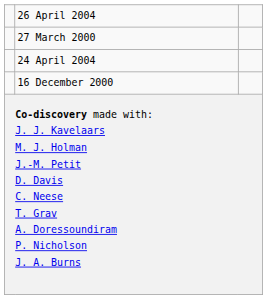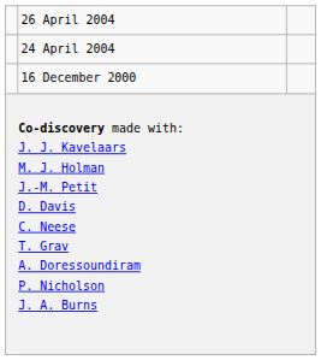 <table class="wikitable" style="font-size: 89%; float: left; width: 26em; margin-right: 1em; line-height: 1.65em !important; height: 338px;">
 <tr>
 <td></td>
 <td>26 April 2004</td>
 <td></td>
-</tr>
-<tr>
-<td></td>
-<td>27 March 2000</td>
-<td> </td>
 </tr>
 <tr>
 <td></td>
 <td>24 April 2004</td>
 <td></td>
 </tr>
 <tr>
 <td></td>
 <td>16 December 2000</td>
 <td> </td>
 </tr>
 <tr>
 <th colspan=3 style="font-weight: normal; text-align: left; padding: 8px 0 20px 12px"><strong>Co-discovery</strong> made with:<br> <a href='#'>J. J. Kavelaars</a><br> <a href='#'>M. J. Holman</a><br> <a href='#'>J.-M. Petit</a><br> <a href='#'>D. Davis</a><br> <a href='#'>C. Neese</a><br> <a href='#'>T. Grav</a><br> <a href='#'>A. Doressoundiram</a><br> <a href='#'>P. Nicholson</a><br> <a href='#'>J. A. Burns</a></th>
 </tr>
 </table>
